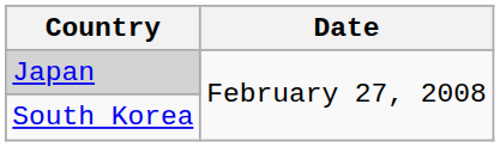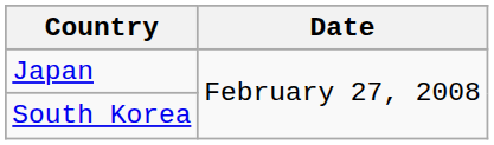 <table class="wikitable">
 <tr>
 <th>Country</th>
 <th>Date</th>
 </tr>
 <tr>
-<td style="background: lightgrey;"><a href='#'>Japan</a></td>
+<td><a href='#'>Japan</a></td>
 <td rowspan="2">February 27, 2008</td>
 </tr>
 <tr>
 <td><a href='#'>South Korea</a></td>
 </tr>
 </table>
